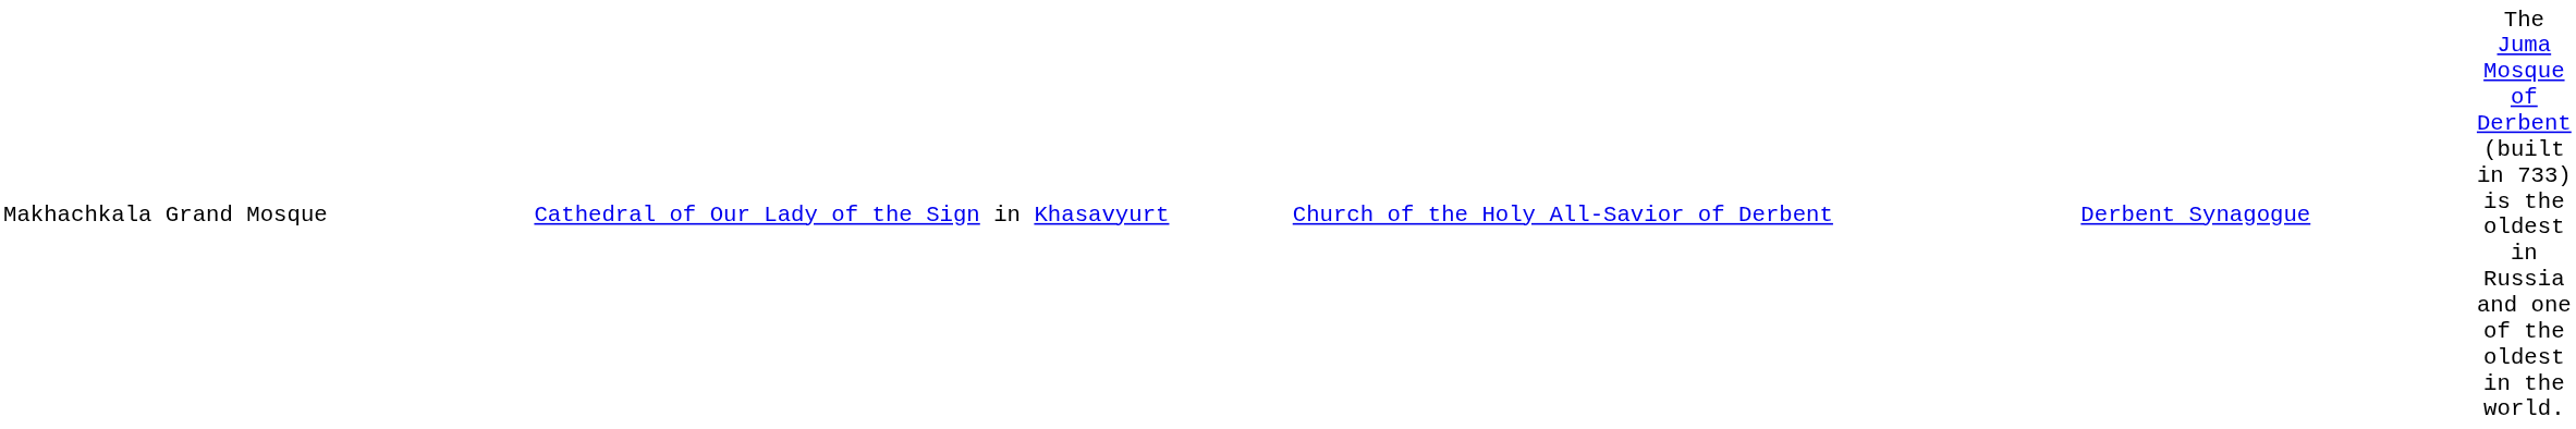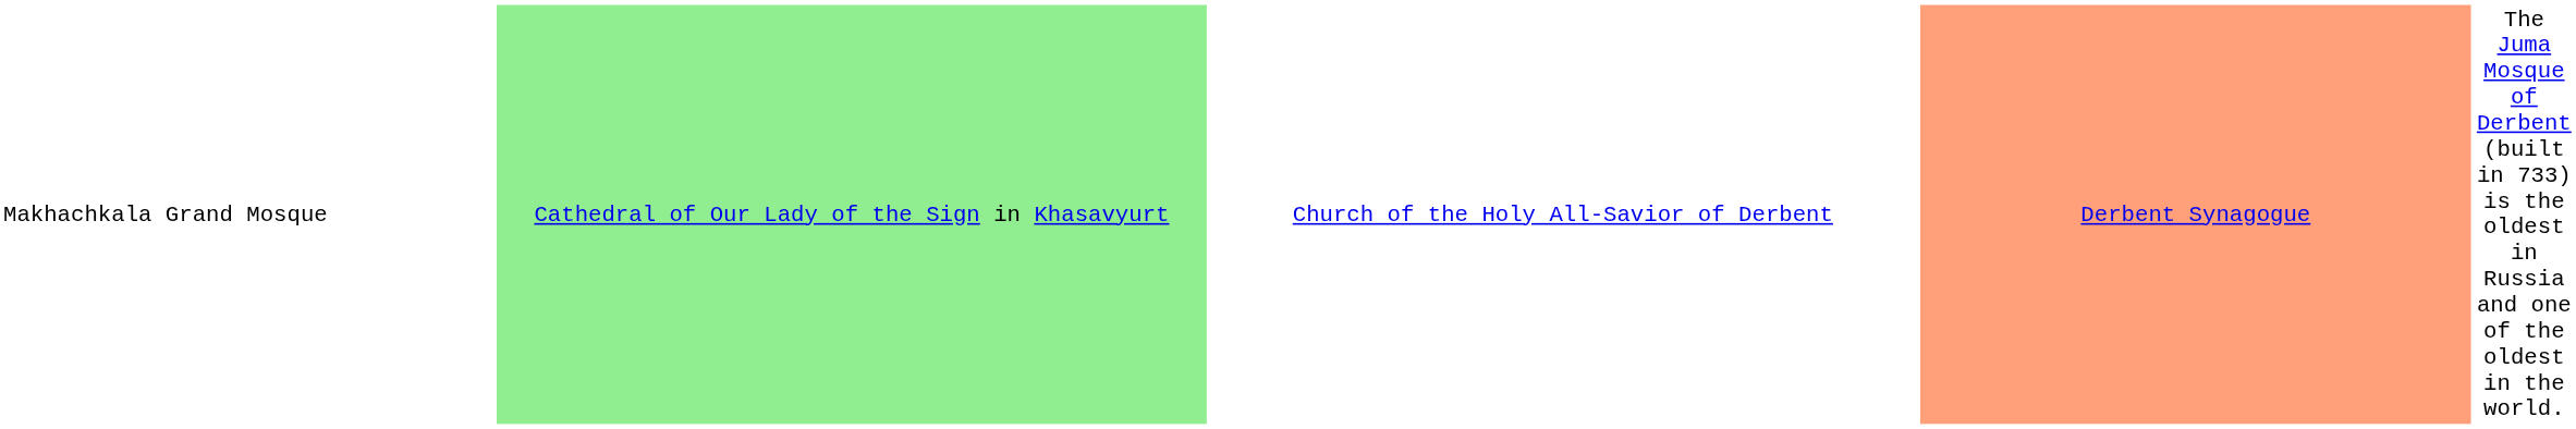 <table class="graytable" style="text-align:center">
 <tr>
 <td width="25%"></td>
 <td width="27%"></td>
 <td width="27%"></td>
 <td width="27%"></td>
 <td width="25%"></td>
 </tr>
 <tr>
 <td>Makhachkala Grand Mosque</td>
-<td><a href='#'>Cathedral of Our Lady of the Sign</a> in <a href='#'>Khasavyurt</a></td>
+<td style="background: lightgreen;"><a href='#'>Cathedral of Our Lady of the Sign</a> in <a href='#'>Khasavyurt</a></td>
 <td><a href='#'>Church of the Holy All-Savior of Derbent</a></td>
-<td><a href='#'>Derbent Synagogue</a></td>
+<td style="background: lightsalmon;"><a href='#'>Derbent Synagogue</a></td>
 <td>The <a href='#'>Juma Mosque of Derbent</a> (built in 733) is the oldest in Russia and one of the oldest in the world.</td>
 </tr>
 </table>
